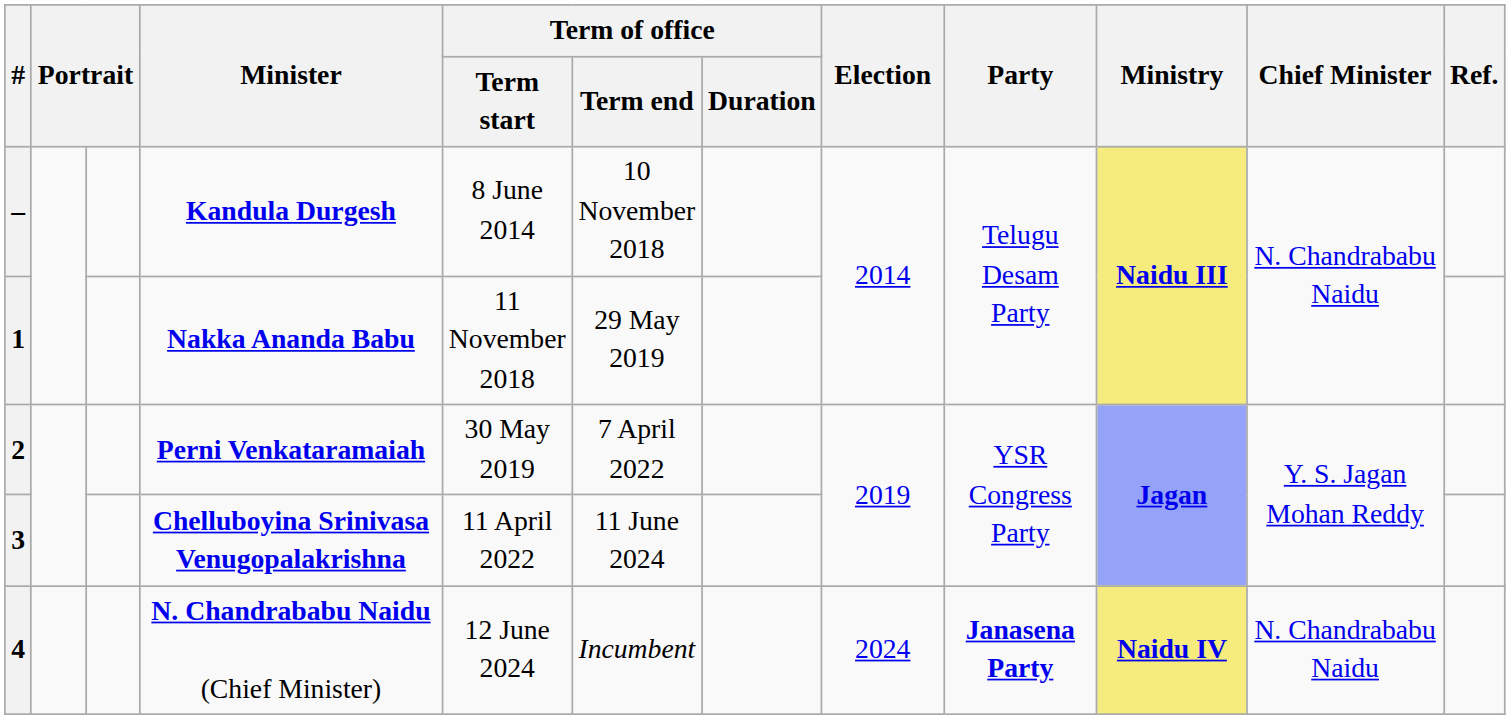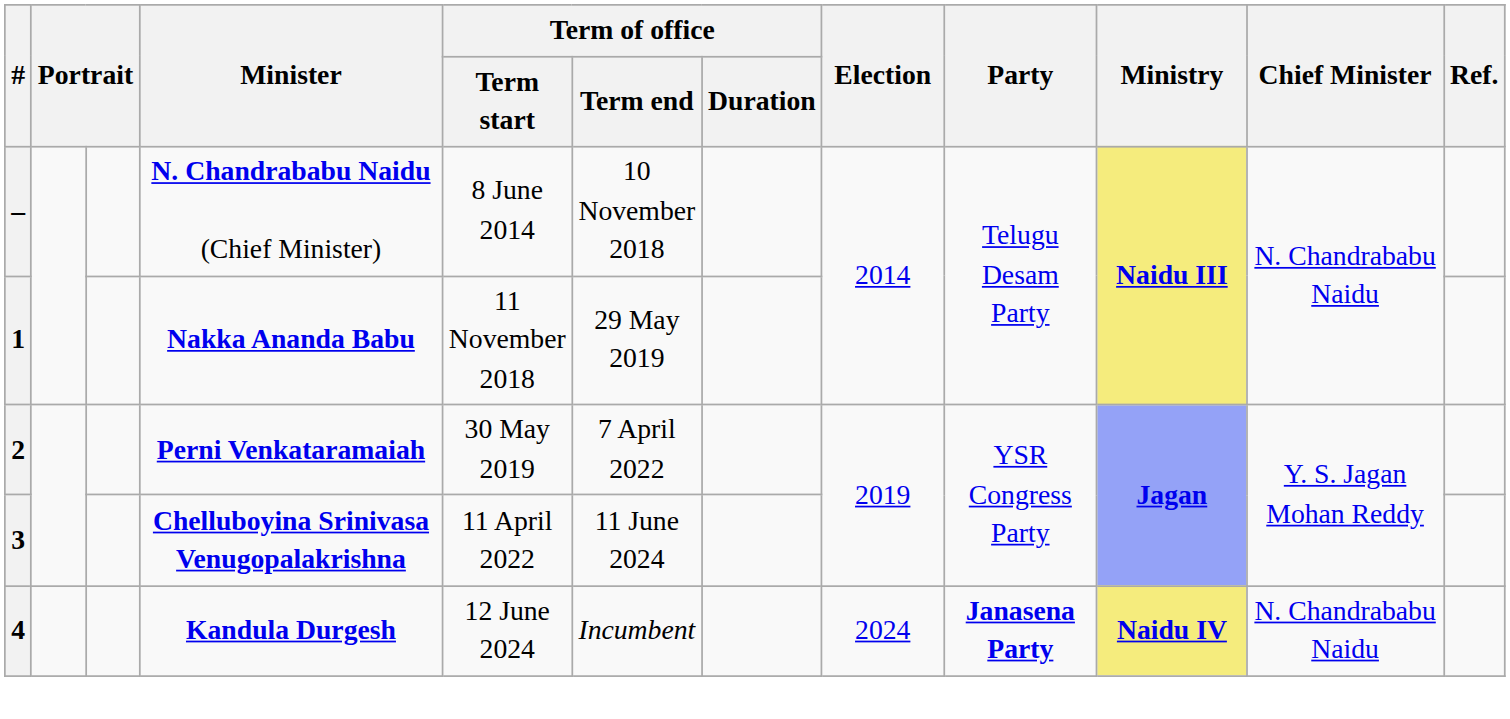 <table class="wikitable" style="line-height:1.4em; text-align:center">
 <tr>
 <th rowspan=2>#</th>
 <th rowspan=2 colspan="2">Portrait</th>
 <th rowspan=2 style="width:16em">Minister<br></th>
 <th colspan="3">Term of office</th>
 <th rowspan=2 style="width:5em">Election<br></th>
 <th rowspan=2 style="width:8em">Party</th>
 <th rowspan=2 style="width:8em">Ministry</th>
 <th rowspan=2 style="width:10em">Chief Minister</th>
 <th rowspan=2>Ref.</th>
 </tr>
 <tr>
 <th>Term start</th>
 <th>Term end</th>
 <th>Duration</th>
 </tr>
 <tr>
 <th>–</th>
 <td rowspan=2></td>
 <td></td>
-<td><strong><a href='#'>Kandula Durgesh</a></strong><br></td>
+<td><strong><a href='#'>N. Chandrababu Naidu</a></strong><br><br>(Chief Minister)</td>
 <td>8 June 2014</td>
 <td>10 November 2018</td>
 <td><strong></strong></td>
 <td rowspan=2><a href='#'>2014</a><br></td>
 <td rowspan=2><a href='#'>Telugu Desam Party</a></td>
 <td rowspan=2 bgcolor="#F5EC7D"><strong><a href='#'>Naidu III</a></strong></td>
 <td rowspan=2><a href='#'>N. Chandrababu Naidu</a></td>
 <td></td>
 </tr>
 <tr>
 <th>1</th>
 <td></td>
 <td><strong><a href='#'>Nakka Ananda Babu</a></strong><br></td>
 <td>11 November 2018</td>
 <td>29 May 2019</td>
 <td><strong></strong></td>
 <td></td>
 </tr>
 <tr>
 <th>2</th>
 <td rowspan=2></td>
 <td></td>
 <td><strong><a href='#'>Perni Venkataramaiah</a></strong><br></td>
 <td>30 May 2019</td>
 <td>7 April 2022</td>
 <td><strong></strong></td>
 <td rowspan=2><a href='#'>2019</a><br></td>
 <td rowspan="2"><a href='#'>YSR Congress Party</a></td>
 <td rowspan=2 bgcolor="#94A2F7"><strong><a href='#'>Jagan</a></strong></td>
 <td rowspan="2"><a href='#'>Y. S. Jagan Mohan Reddy</a></td>
 <td></td>
 </tr>
 <tr>
 <th>3</th>
 <td></td>
 <td><strong><a href='#'>Chelluboyina Srinivasa Venugopalakrishna</a></strong><br></td>
 <td>11 April 2022</td>
 <td>11 June 2024</td>
 <td><strong></strong></td>
 <td></td>
 </tr>
 <tr>
 <th>4</th>
 <td></td>
 <td></td>
-<td><strong><a href='#'>N. Chandrababu Naidu</a></strong><br><br>(Chief Minister)</td>
+<td><strong><a href='#'>Kandula Durgesh</a></strong><br></td>
 <td>12 June 2024</td>
 <td><em>Incumbent</em></td>
 <td><strong></strong></td>
 <td><a href='#'>2024</a><br></td>
 <td><strong><a href='#'>Janasena Party</a></strong></td>
 <td bgcolor="#F5EC7D"><strong><a href='#'>Naidu IV</a></strong></td>
 <td><a href='#'>N. Chandrababu Naidu</a></td>
 <td></td>
 </tr>
 </table>
